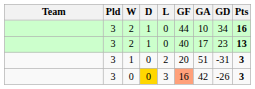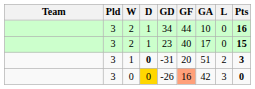 <table class="wikitable" style="text-align:center;">
 <tr>
 <th width=150>Team</th>
 <th width=20>Pld</th>
 <th width=20>W</th>
 <th width=20>D</th>
-<th width=20>L</th>
+<th width=20>GD</th>
 <th width=20>GF</th>
 <th width=20>GA</th>
-<th width=20>GD</th>
+<th width=20>L</th>
 <th width=20>Pts</th>
 </tr>
 <tr bgcolor=ccffcc>
 <td align="left"></td>
 <td>3</td>
 <td>2</td>
 <td>1</td>
-<td>0</td>
+<td>34</td>
 <td>44</td>
 <td>10</td>
-<td>34</td>
+<td>0</td>
 <td><strong>16</strong></td>
 </tr>
 <tr bgcolor=ccffcc>
 <td align="left"></td>
 <td>3</td>
 <td>2</td>
 <td>1</td>
-<td>0</td>
+<td>23</td>
 <td>40</td>
 <td>17</td>
-<td>23</td>
-<td><strong>13</strong></td>
+<td>0</td>
+<td><strong>15</strong></td>
 </tr>
 <tr>
 <td align="left"></td>
 <td>3</td>
 <td>1</td>
-<td>0</td>
-<td>2</td>
+<td><strong>0</strong></td>
+<td>-31</td>
 <td>20</td>
 <td>51</td>
-<td>-31</td>
+<td>2</td>
 <td><strong>3</strong></td>
 </tr>
 <tr>
 <td align="left"></td>
 <td>3</td>
 <td>0</td>
 <td style="background: gold;">0</td>
-<td>3</td>
+<td>-26</td>
 <td style="background: lightsalmon;">16</td>
 <td>42</td>
-<td>-26</td>
-<td><strong>3</strong></td>
+<td>3</td>
+<td><strong>0</strong></td>
 </tr>
 </table>
